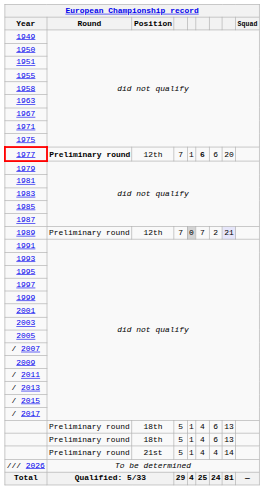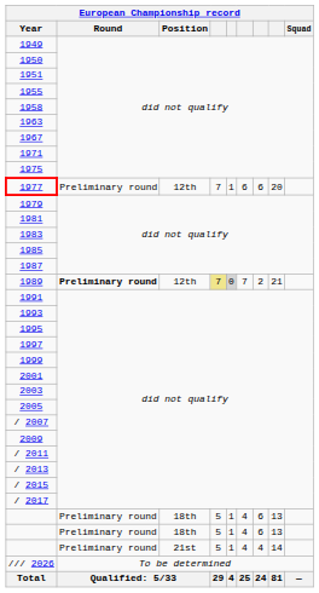 <table class="wikitable" style="text-align: center;">
 <tr>
 <th colspan=10><a href='#'>European Championship record</a></th>
 </tr>
 <tr>
 <th>Year</th>
 <th>Round</th>
 <th>Position</th>
 <th></th>
 <th></th>
 <th></th>
 <th></th>
 <th></th>
 <th><small>Squad</small></th>
 </tr>
 <tr>
 <td> <a href='#'>1949</a></td>
 <td colspan=9 rowspan=9  align=center><em>did not qualify</em></td>
 </tr>
 <tr>
 <td> <a href='#'>1950</a></td>
 </tr>
 <tr>
 <td> <a href='#'>1951</a></td>
 </tr>
 <tr>
 <td> <a href='#'>1955</a></td>
 </tr>
 <tr>
 <td> <a href='#'>1958</a></td>
 </tr>
 <tr>
 <td> <a href='#'>1963</a></td>
 </tr>
 <tr>
 <td> <a href='#'>1967</a></td>
 </tr>
 <tr>
 <td> <a href='#'>1971</a></td>
 </tr>
 <tr>
 <td> <a href='#'>1975</a></td>
 </tr>
 <tr>
 <td style="border: 3px solid red"> <a href='#'>1977</a></td>
-<td><strong>Preliminary round</strong></td>
+<td>Preliminary round</td>
 <td>12th</td>
 <td>7</td>
 <td>1</td>
-<td><strong>6</strong></td>
+<td>6</td>
 <td>6</td>
 <td>20</td>
 <td></td>
 </tr>
 <tr>
 <td> <a href='#'>1979</a></td>
 <td colspan=9 rowspan=5  align=center><em>did not qualify</em></td>
 </tr>
 <tr>
 <td> <a href='#'>1981</a></td>
 </tr>
 <tr>
 <td> <a href='#'>1983</a></td>
 </tr>
 <tr>
 <td> <a href='#'>1985</a></td>
 </tr>
 <tr>
 <td> <a href='#'>1987</a></td>
 </tr>
 <tr>
 <td> <a href='#'>1989</a></td>
-<td>Preliminary round</td>
+<td><strong>Preliminary round</strong></td>
 <td>12th</td>
-<td>7</td>
+<td style="background: khaki;">7</td>
 <td style="background: lightgrey;">0</td>
 <td>7</td>
 <td>2</td>
-<td style="background: lavender;">21</td>
+<td>21</td>
 <td></td>
 </tr>
 <tr>
 <td> <a href='#'>1991</a></td>
 <td colspan=9 rowspan=14  align=center><em>did not qualify</em></td>
 </tr>
 <tr>
 <td> <a href='#'>1993</a></td>
 </tr>
 <tr>
 <td> <a href='#'>1995</a></td>
 </tr>
 <tr>
 <td> <a href='#'>1997</a></td>
 </tr>
 <tr>
 <td> <a href='#'>1999</a></td>
 </tr>
 <tr>
 <td> <a href='#'>2001</a></td>
 </tr>
 <tr>
 <td> <a href='#'>2003</a></td>
 </tr>
 <tr>
 <td> <a href='#'>2005</a></td>
 </tr>
 <tr>
 <td>/ <a href='#'>2007</a></td>
 </tr>
 <tr>
 <td> <a href='#'>2009</a></td>
 </tr>
 <tr>
 <td>/ <a href='#'>2011</a></td>
 </tr>
 <tr>
 <td>/ <a href='#'>2013</a></td>
 </tr>
 <tr>
 <td>/ <a href='#'>2015</a></td>
 </tr>
 <tr>
 <td>/ <a href='#'>2017</a></td>
 </tr>
 <tr>
 <td></td>
 <td>Preliminary round</td>
 <td>18th</td>
 <td>5</td>
 <td>1</td>
 <td>4</td>
 <td>6</td>
 <td>13</td>
 <td></td>
 </tr>
 <tr>
 <td></td>
 <td>Preliminary round</td>
 <td>18th</td>
 <td>5</td>
 <td>1</td>
 <td>4</td>
 <td>6</td>
 <td>13</td>
 <td></td>
 </tr>
 <tr>
 <td></td>
 <td>Preliminary round</td>
 <td>21st</td>
 <td>5</td>
 <td>1</td>
 <td>4</td>
 <td>4</td>
 <td>14</td>
 <td></td>
 </tr>
 <tr>
 <td>/// <a href='#'>2026</a></td>
 <td colspan=8><em>To be determined</em></td>
 </tr>
 <tr bgcolor="efefef">
 <th>Total</th>
 <th colspan="2">Qualified: 5/33</th>
 <th>29</th>
 <th>4</th>
 <th>25</th>
 <th>24</th>
 <th>81</th>
 <th>—</th>
 </tr>
 </table>
